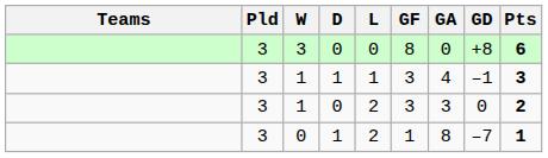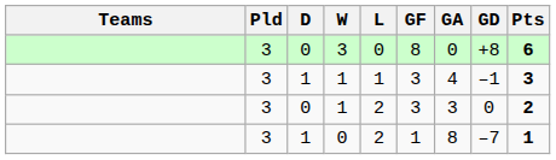 <table class="wikitable" style="text-align: center;">
 <tr>
 <th width=165>Teams</th>
 <th width=20>Pld</th>
+<th width=20>D</th>
 <th width=20>W</th>
-<th width=20>D</th>
 <th width=20>L</th>
 <th width=20>GF</th>
 <th width=20>GA</th>
 <th width=20>GD</th>
 <th width=20>Pts</th>
 </tr>
 <tr align=center style="background:#ccffcc;">
 <td style="text-align:left;"></td>
 <td>3</td>
+<td>0</td>
 <td>3</td>
-<td>0</td>
 <td>0</td>
 <td>8</td>
 <td>0</td>
 <td>+8</td>
 <td><strong>6</strong></td>
 </tr>
 <tr align=center>
 <td style="text-align:left;"></td>
 <td>3</td>
 <td>1</td>
 <td>1</td>
 <td>1</td>
 <td>3</td>
 <td>4</td>
 <td>–1</td>
 <td><strong>3</strong></td>
 </tr>
 <tr align=center>
 <td style="text-align:left;"></td>
 <td>3</td>
+<td>0</td>
 <td>1</td>
-<td>0</td>
 <td>2</td>
 <td>3</td>
 <td>3</td>
 <td>0</td>
 <td><strong>2</strong></td>
 </tr>
 <tr align=center>
 <td style="text-align:left;"></td>
 <td>3</td>
+<td>1</td>
 <td>0</td>
-<td>1</td>
 <td>2</td>
 <td>1</td>
 <td>8</td>
 <td>–7</td>
 <td><strong>1</strong></td>
 </tr>
 </table>
